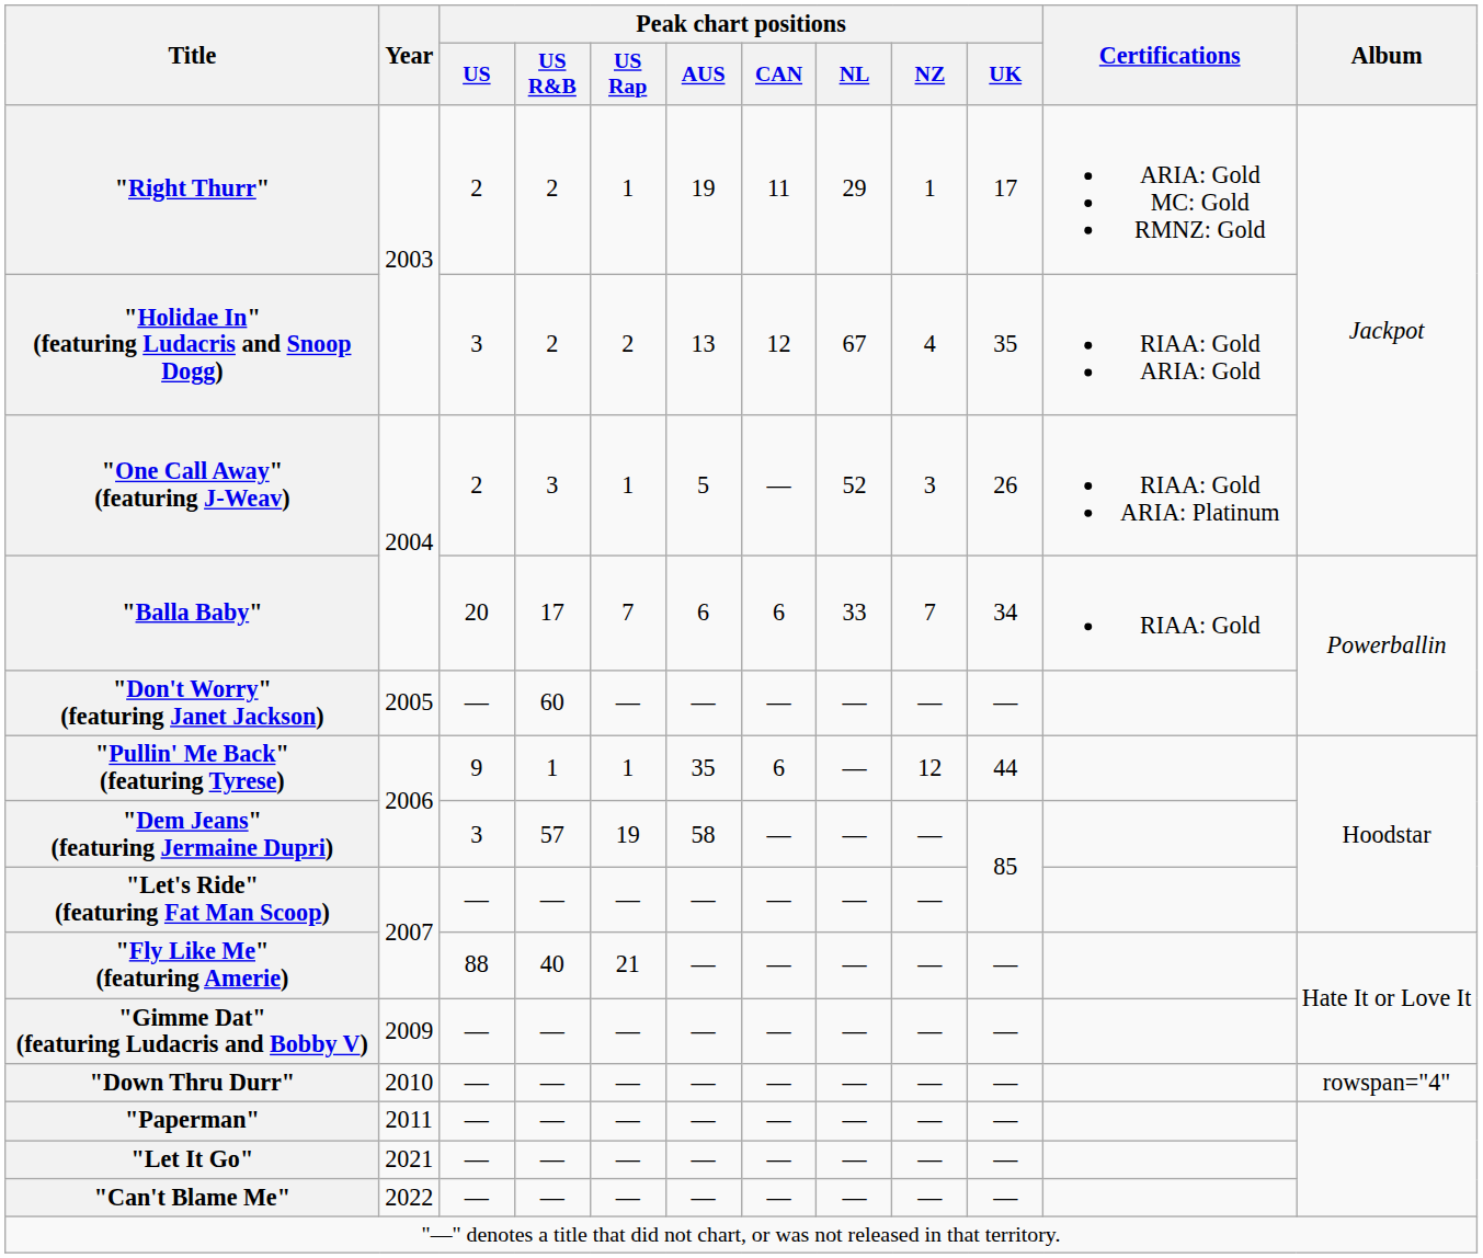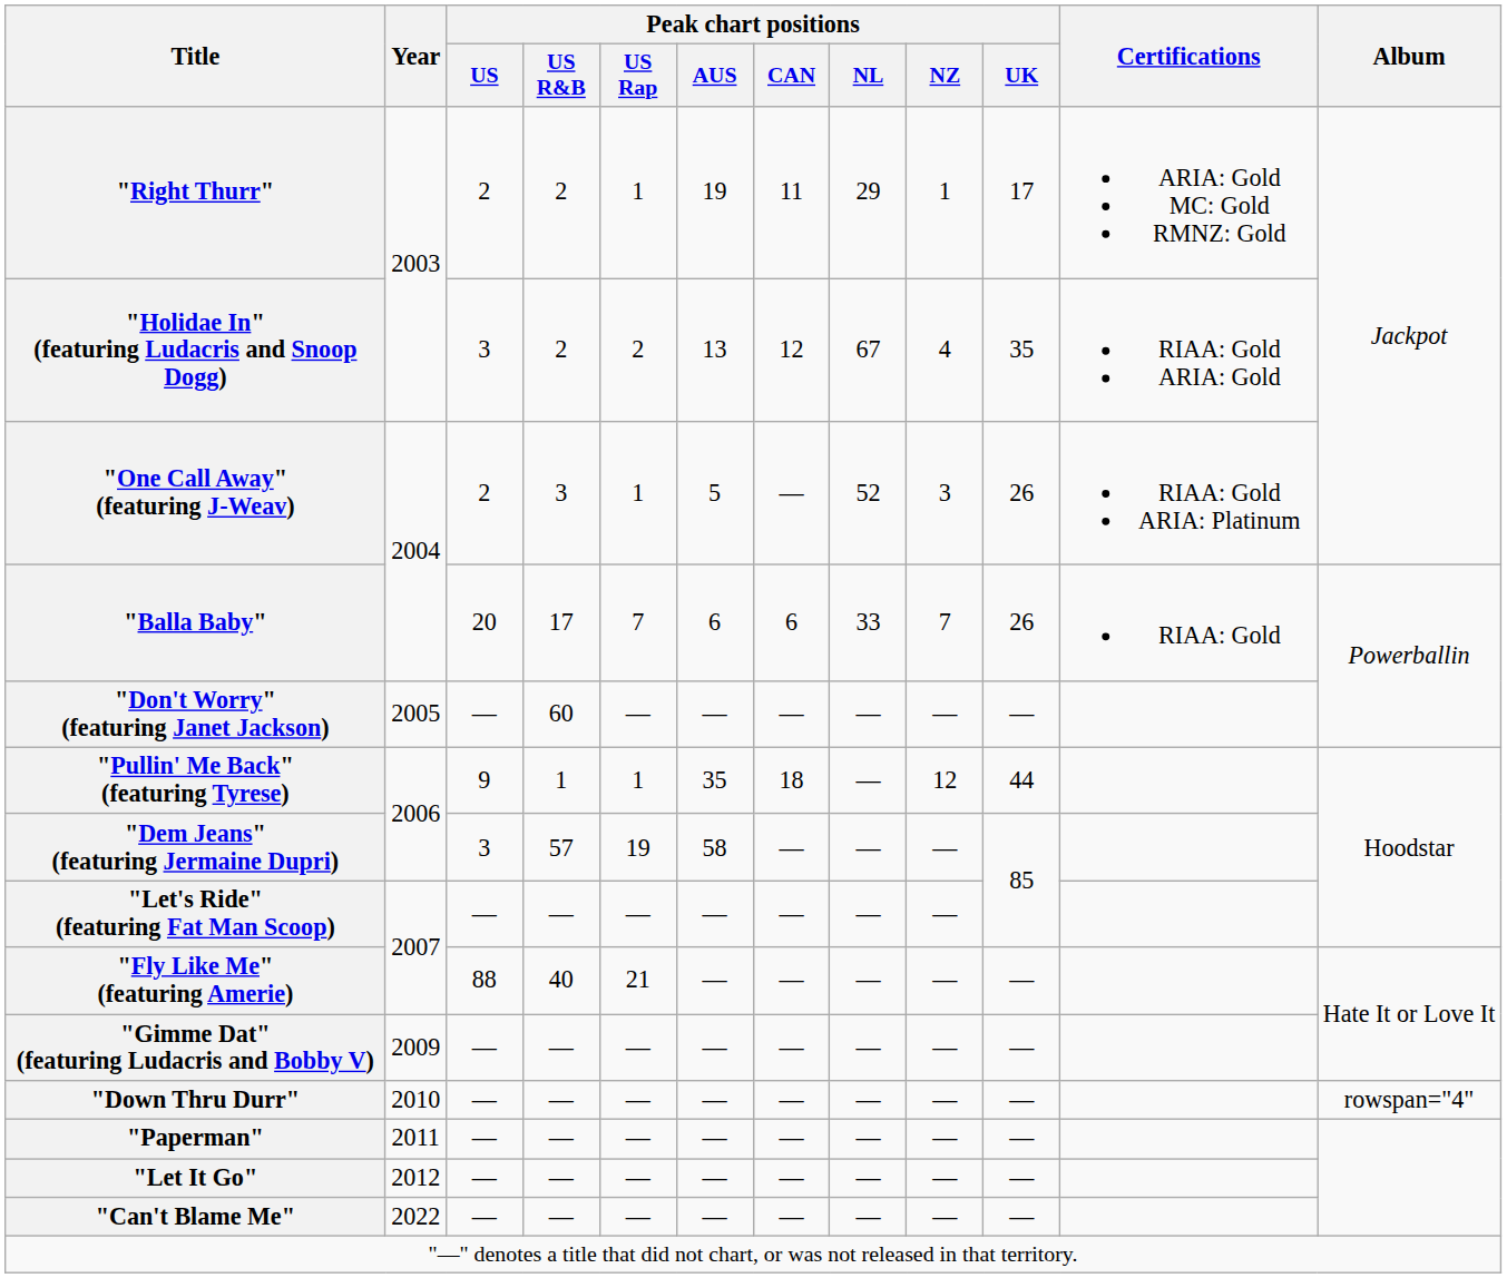 <table class="wikitable plainrowheaders" style="text-align:center;">
 <tr>
 <th scope="col" rowspan="2" style="width:15em;">Title</th>
 <th scope="col" rowspan="2">Year</th>
 <th scope="col" colspan="8">Peak chart positions</th>
 <th scope="col" rowspan="2" style="width:10em;"><a href='#'>Certifications</a></th>
 <th scope="col" rowspan="2">Album</th>
 </tr>
 <tr>
 <th scope="col" style="width:3em;font-size:90%;"><a href='#'>US</a><br></th>
 <th scope="col" style="width:3em;font-size:90%;"><a href='#'>US R&B</a><br></th>
 <th scope="col" style="width:3em;font-size:90%;"><a href='#'>US Rap</a><br></th>
 <th scope="col" style="width:3em;font-size:90%;"><a href='#'>AUS</a><br></th>
 <th scope="col" style="width:3em;font-size:90%;"><a href='#'>CAN</a></th>
 <th scope="col" style="width:3em;font-size:90%;"><a href='#'>NL</a><br></th>
 <th scope="col" style="width:3em;font-size:90%;"><a href='#'>NZ</a><br></th>
 <th scope="col" style="width:3em;font-size:90%;"><a href='#'>UK</a><br></th>
 </tr>
 <tr>
 <th scope="row">"<a href='#'>Right Thurr</a>"</th>
 <td rowspan="2">2003</td>
 <td>2</td>
 <td>2</td>
 <td>1</td>
 <td>19</td>
 <td>11</td>
 <td>29</td>
 <td>1</td>
 <td>17</td>
 <td><br><ul><li>ARIA: Gold</li><li>MC: Gold</li><li>RMNZ: Gold</li></ul></td>
 <td rowspan="3"><em>Jackpot</em></td>
 </tr>
 <tr>
 <th scope="row">"<a href='#'>Holidae In</a>" <br><span>(featuring <a href='#'>Ludacris</a> and <a href='#'>Snoop Dogg</a>)</span></th>
 <td>3</td>
 <td>2</td>
 <td>2</td>
 <td>13</td>
 <td>12</td>
 <td>67</td>
 <td>4</td>
 <td>35</td>
 <td><br><ul><li>RIAA: Gold</li><li>ARIA: Gold</li></ul></td>
 </tr>
 <tr>
 <th scope="row">"<a href='#'>One Call Away</a>" <br><span>(featuring <a href='#'>J-Weav</a>)</span></th>
 <td rowspan="2">2004</td>
 <td>2</td>
 <td>3</td>
 <td>1</td>
 <td>5</td>
 <td>—</td>
 <td>52</td>
 <td>3</td>
 <td>26</td>
 <td><br><ul><li>RIAA: Gold</li><li>ARIA: Platinum</li></ul></td>
 </tr>
 <tr>
 <th scope="row">"<a href='#'>Balla Baby</a>"</th>
 <td>20</td>
 <td>17</td>
 <td>7</td>
 <td>6</td>
 <td>6</td>
 <td>33</td>
 <td>7</td>
-<td>34</td>
+<td>26</td>
 <td><br><ul><li>RIAA: Gold</li></ul></td>
 <td rowspan="2"><em>Powerballin<strong></td>
 </tr>
 <tr>
 <th scope="row">"<a href='#'>Don't Worry</a>" <br><span>(featuring <a href='#'>Janet Jackson</a>)</span></th>
 <td>2005</td>
 <td>—</td>
 <td>60</td>
 <td>—</td>
 <td>—</td>
 <td>—</td>
 <td>—</td>
 <td>—</td>
 <td>—</td>
 <td></td>
 </tr>
 <tr>
 <th scope="row">"<a href='#'>Pullin' Me Back</a>" <br><span>(featuring <a href='#'>Tyrese</a>)</span></th>
 <td rowspan="2">2006</td>
 <td>9</td>
 <td>1</td>
 <td>1</td>
 <td>35</td>
-<td>6</td>
+<td>18</td>
 <td>—</td>
 <td>12</td>
 <td>44</td>
 <td></td>
 <td rowspan="3"></em>Hoodstar<em></td>
 </tr>
 <tr>
 <th scope="row">"<a href='#'>Dem Jeans</a>" <br><span>(featuring <a href='#'>Jermaine Dupri</a>)</span></th>
 <td>3</td>
 <td>57</td>
 <td>19</td>
 <td>58</td>
 <td>—</td>
 <td>—</td>
 <td>—</td>
 <td rowspan="2">85</td>
 <td></td>
 </tr>
 <tr>
 <th scope="row">"Let's Ride" <br><span>(featuring <a href='#'>Fat Man Scoop</a>)</span></th>
 <td rowspan="2">2007</td>
 <td>—</td>
 <td>—</td>
 <td>—</td>
 <td>—</td>
 <td>—</td>
 <td>—</td>
 <td>—</td>
 <td></td>
 </tr>
 <tr>
 <th scope="row">"<a href='#'>Fly Like Me</a>" <br><span>(featuring <a href='#'>Amerie</a>)</span></th>
 <td>88</td>
 <td>40</td>
 <td>21</td>
 <td>—</td>
 <td>—</td>
 <td>—</td>
 <td>—</td>
 <td>—</td>
 <td></td>
 <td rowspan="2"></em>Hate It or Love It<em></td>
 </tr>
 <tr>
 <th scope="row">"Gimme Dat" <br><span>(featuring Ludacris and <a href='#'>Bobby V</a>)</span></th>
 <td>2009</td>
 <td>—</td>
 <td>—</td>
 <td>—</td>
 <td>—</td>
 <td>—</td>
 <td>—</td>
 <td>—</td>
 <td>—</td>
 <td></td>
 </tr>
 <tr>
 <th scope="row">"Down Thru Durr"</th>
 <td>2010</td>
 <td>—</td>
 <td>—</td>
 <td>—</td>
 <td>—</td>
 <td>—</td>
 <td>—</td>
 <td>—</td>
 <td>—</td>
 <td></td>
 <td>rowspan="4" </td>
 </tr>
 <tr>
 <th scope="row">"Paperman"</th>
 <td>2011</td>
 <td>—</td>
 <td>—</td>
 <td>—</td>
 <td>—</td>
 <td>—</td>
 <td>—</td>
 <td>—</td>
 <td>—</td>
 <td></td>
 </tr>
 <tr>
 <th scope="row">"Let It Go"</th>
-<td>2021</td>
+<td>2012</td>
 <td>—</td>
 <td>—</td>
 <td>—</td>
 <td>—</td>
 <td>—</td>
 <td>—</td>
 <td>—</td>
 <td>—</td>
 <td></td>
 </tr>
 <tr>
 <th scope="row">"Can't Blame Me"</th>
 <td>2022</td>
 <td>—</td>
 <td>—</td>
 <td>—</td>
 <td>—</td>
 <td>—</td>
 <td>—</td>
 <td>—</td>
 <td>—</td>
 <td></td>
 </tr>
 <tr>
 <td colspan="15" style="font-size:90%">"—" denotes a title that did not chart, or was not released in that territory.</td>
 </tr>
 </table>
